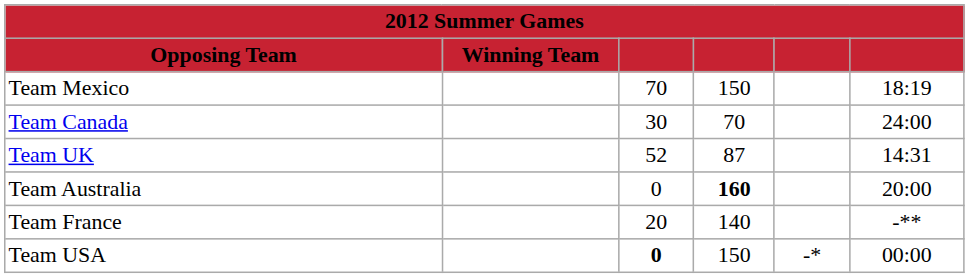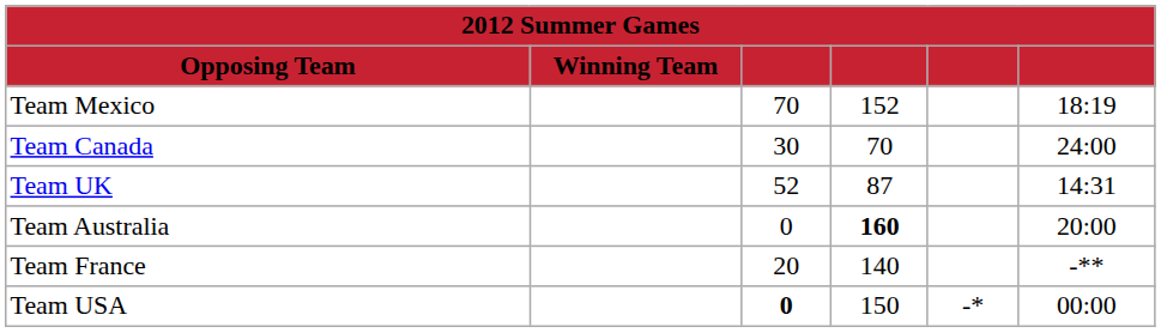 <table border="1" cellpadding="2" cellspacing="0" style="width:50%; background:#ffffff; border:1px #aaa solid; border-collapse:collapse; font-size:90%; text-align:center;">
 <tr style="colour:white; text-align:center; background:#C72232;">
 <th colspan=8>2012 Summer Games</th>
 </tr>
 <tr>
 <th style="colour:white; width:140px; background:#C72232;">Opposing Team</th>
 <th style="colour:white; width:50px; background:#C72232;">Winning Team</th>
 <th style="colour:white; width:20px; background:#C72232;"></th>
 <th style="colour:white; width:20px; background:#C72232;"></th>
 <th style="colour:white; width:20px; background:#C72232;"></th>
 <th style="colour:white; width:20px; background:#C72232;"></th>
 </tr>
 <tr>
 <td style="text-align:left"> Team Mexico</td>
 <td></td>
 <td>70</td>
-<td>150</td>
+<td>152</td>
 <td></td>
 <td>18:19</td>
 </tr>
 <tr>
 <td style="text-align:left;"> <a href='#'>Team Canada</a></td>
 <td></td>
 <td>30</td>
 <td>70</td>
 <td></td>
 <td>24:00</td>
 </tr>
 <tr>
 <td style="text-align:left;"> <a href='#'>Team UK</a></td>
 <td></td>
 <td>52</td>
 <td>87</td>
 <td></td>
 <td>14:31</td>
 </tr>
 <tr>
 <td style="text-align:left;"> Team Australia</td>
 <td></td>
 <td>0</td>
 <td><strong>160</strong></td>
 <td></td>
 <td>20:00</td>
 </tr>
 <tr>
 <td style="text-align:left;"> Team France</td>
 <td></td>
 <td>20</td>
 <td>140</td>
 <td></td>
 <td>-**</td>
 </tr>
 <tr>
 <td style="text-align:left;"> Team USA</td>
 <td></td>
 <td><strong>0</strong></td>
 <td>150</td>
 <td>-*</td>
 <td>00:00</td>
 </tr>
 </table>
